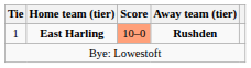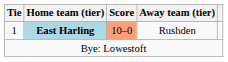 <table class="wikitable" style="text-align:center; font-size:85%">
 <tr>
 <th>Tie</th>
 <th>Home team (tier)</th>
 <th>Score</th>
 <th>Away team (tier)</th>
 <th></th>
 </tr>
 <tr>
 <td align="center">1</td>
-<td><strong>East Harling</strong></td>
+<td style="background: lightblue;"><strong>East Harling</strong></td>
 <td align="center" style="background: lightsalmon;">10–0</td>
-<td><strong>Rushden</strong></td>
+<td>Rushden</td>
 <td></td>
 </tr>
 <tr>
 <td colspan="5" align="center">Bye: Lowestoft</td>
 </tr>
 </table>
